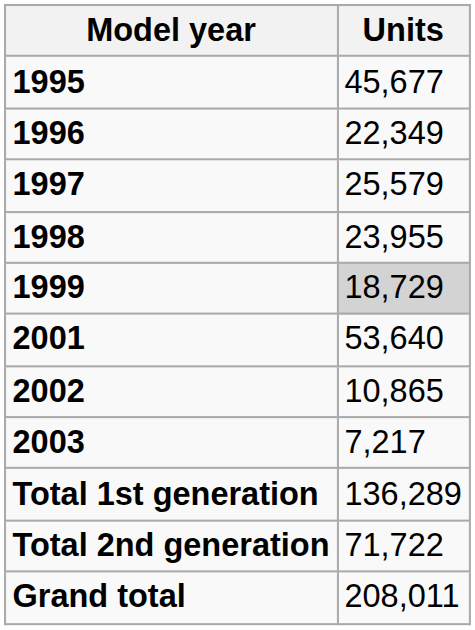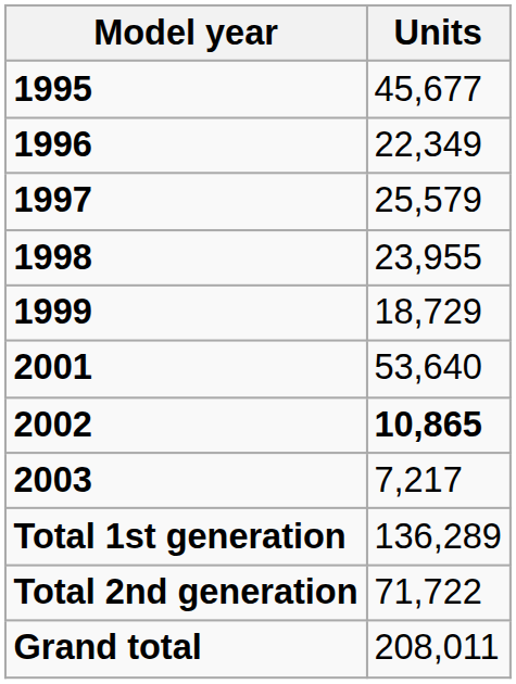 <table class="wikitable">
 <tr>
 <th>Model year</th>
 <th>Units</th>
 </tr>
 <tr>
 <td><strong>1995</strong></td>
 <td>45,677</td>
 </tr>
 <tr>
 <td><strong>1996</strong></td>
 <td>22,349</td>
 </tr>
 <tr>
 <td><strong>1997</strong></td>
 <td>25,579</td>
 </tr>
 <tr>
 <td><strong>1998</strong></td>
 <td>23,955</td>
 </tr>
 <tr>
 <td><strong>1999</strong></td>
-<td style="background: lightgrey;">18,729</td>
+<td>18,729</td>
 </tr>
 <tr>
 <td><strong>2001</strong></td>
 <td>53,640</td>
 </tr>
 <tr>
 <td><strong>2002</strong></td>
-<td>10,865</td>
+<td><strong>10,865</strong></td>
 </tr>
 <tr>
 <td><strong>2003</strong></td>
 <td>7,217</td>
 </tr>
 <tr>
 <td><strong>Total 1st generation</strong></td>
 <td>136,289</td>
 </tr>
 <tr>
 <td><strong>Total 2nd generation</strong></td>
 <td>71,722</td>
 </tr>
 <tr>
 <td><strong>Grand total</strong></td>
 <td>208,011</td>
 </tr>
 </table>
